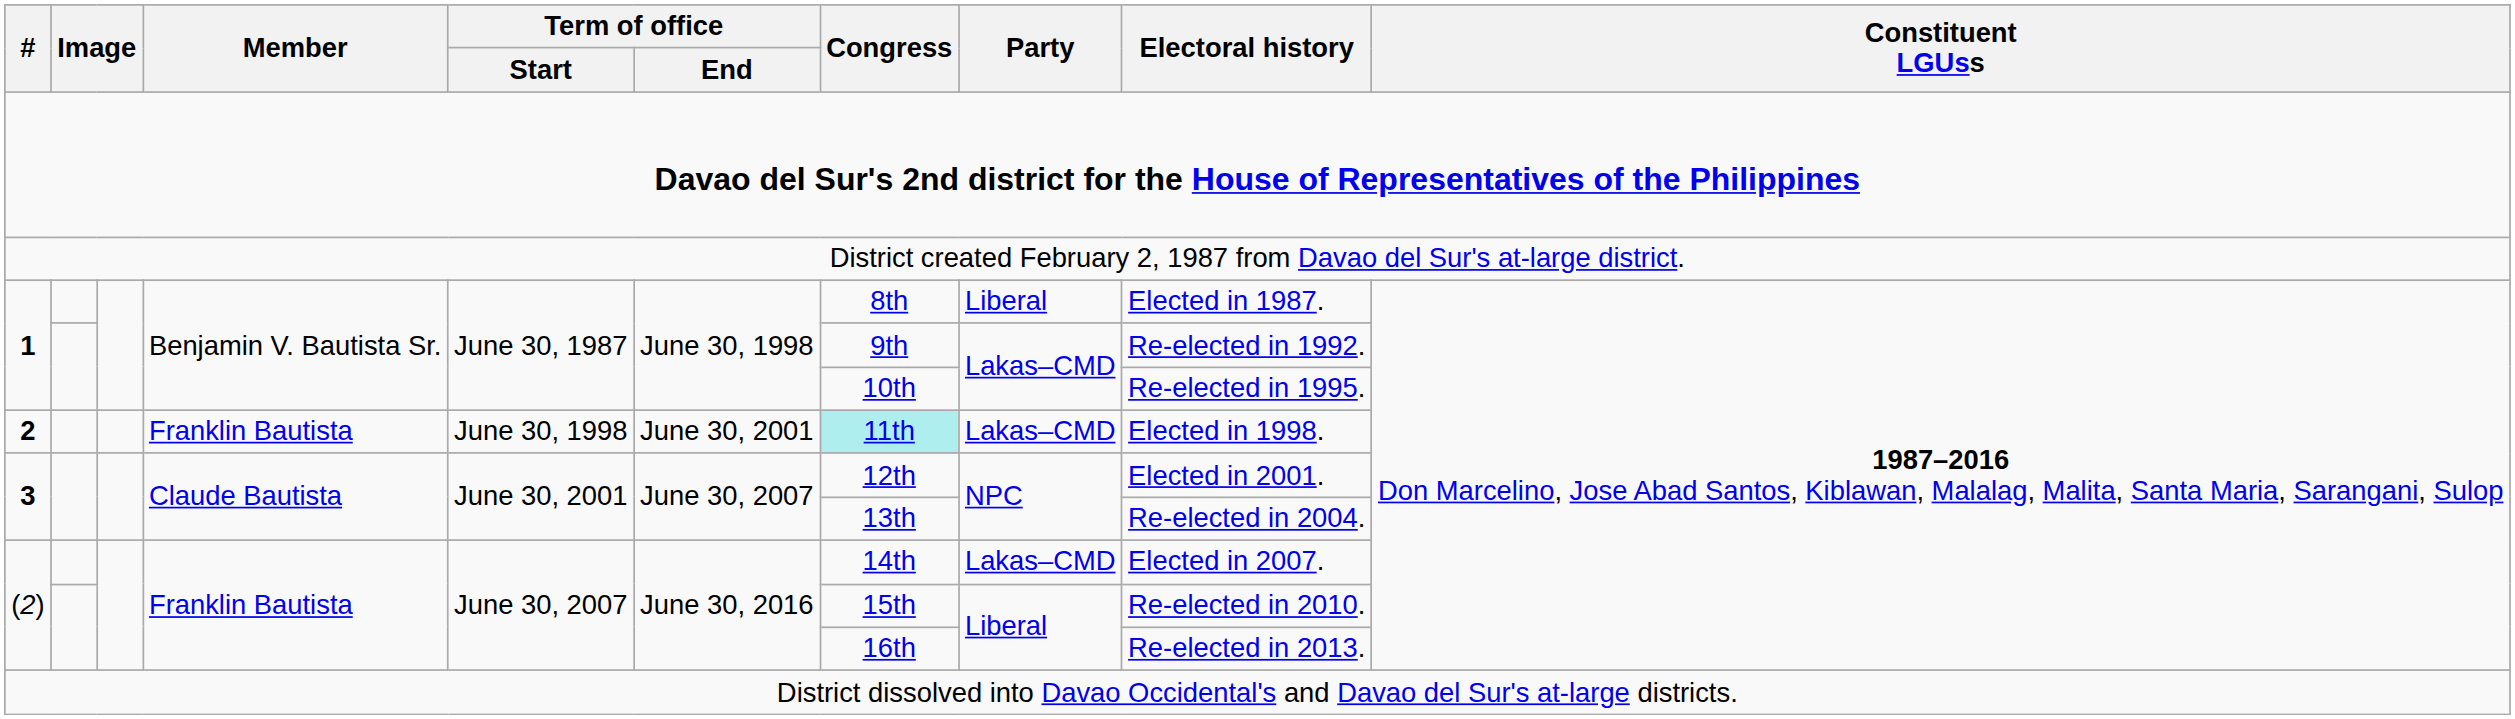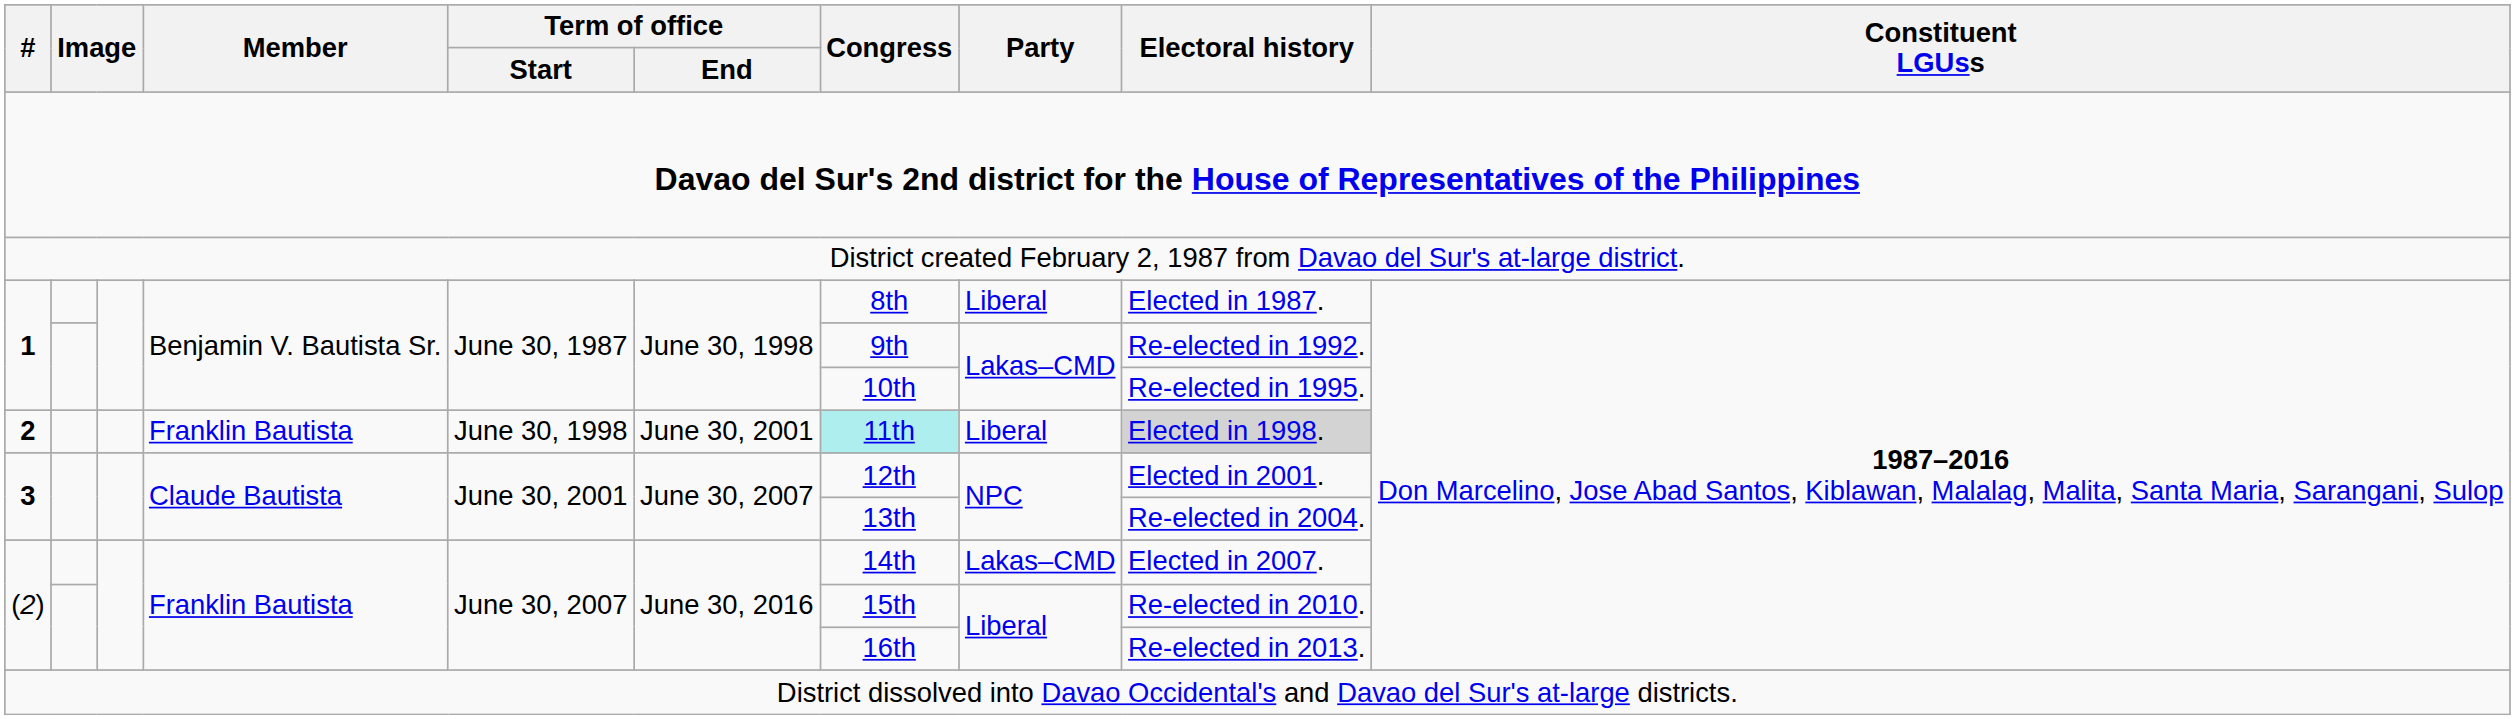 <table class=wikitable>
 <tr>
 <th rowspan="2">#</th>
 <th rowspan="2" colspan=2>Image</th>
 <th rowspan="2">Member</th>
 <th colspan=2>Term of office</th>
 <th rowspan="2">Congress</th>
 <th rowspan="2">Party</th>
 <th rowspan="2">Electoral history</th>
 <th rowspan="2">Constituent<br><a href='#'>LGUs</a>s</th>
 </tr>
 <tr>
 <th>Start</th>
 <th>End</th>
 </tr>
 <tr>
 <td colspan="10" style="text-align:center;"><br><h3>Davao del Sur's 2nd district for the <a href='#'>House of Representatives of the Philippines</a></h3></td>
 </tr>
 <tr>
 <td colspan="10" style="text-align:center;">District created February 2, 1987 from <a href='#'>Davao del Sur's at-large district</a>.</td>
 </tr>
 <tr>
 <td rowspan="3" style="text-align:center;"><strong>1</strong></td>
 <td style="color:inherit;background:"></td>
 <td rowspan="3"></td>
 <td rowspan="3">Benjamin V. Bautista Sr.</td>
 <td rowspan="3">June 30, 1987</td>
 <td rowspan="3">June 30, 1998</td>
 <td style="text-align:center;"><a href='#'>8th</a></td>
 <td><a href='#'>Liberal</a></td>
 <td><a href='#'>Elected in 1987</a>.</td>
 <td rowspan="9" style="text-align:center;"><strong>1987–2016</strong><br><a href='#'>Don Marcelino</a>, <a href='#'>Jose Abad Santos</a>, <a href='#'>Kiblawan</a>, <a href='#'>Malalag</a>, <a href='#'>Malita</a>, <a href='#'>Santa Maria</a>, <a href='#'>Sarangani</a>, <a href='#'>Sulop</a></td>
 </tr>
 <tr>
 <td rowspan="2" style="color:inherit;background:"></td>
 <td style="text-align:center;"><a href='#'>9th</a></td>
 <td rowspan="2"><a href='#'>Lakas–CMD</a></td>
 <td><a href='#'>Re-elected in 1992</a>.</td>
 </tr>
 <tr>
 <td style="text-align:center;"><a href='#'>10th</a></td>
 <td><a href='#'>Re-elected in 1995</a>.</td>
 </tr>
 <tr>
 <td style="text-align:center;"><strong>2</strong></td>
 <td style="color:inherit;background:"></td>
 <td></td>
 <td><a href='#'>Franklin Bautista</a></td>
 <td>June 30, 1998</td>
 <td>June 30, 2001</td>
 <td style="background: paleturquoise; text-align:center;"><a href='#'>11th</a></td>
-<td><a href='#'>Lakas–CMD</a></td>
-<td><a href='#'>Elected in 1998</a>.</td>
+<td><a href='#'>Liberal</a></td>
+<td style="background: lightgrey;"><a href='#'>Elected in 1998</a>.</td>
 </tr>
 <tr>
 <td rowspan="2" style="text-align:center;"><strong>3</strong></td>
 <td rowspan="2" style="color:inherit;background:"></td>
 <td rowspan="2"></td>
 <td rowspan="2"><a href='#'>Claude Bautista</a></td>
 <td rowspan="2">June 30, 2001</td>
 <td rowspan="2">June 30, 2007</td>
 <td style="text-align:center;"><a href='#'>12th</a></td>
 <td rowspan="2"><a href='#'>NPC</a></td>
 <td><a href='#'>Elected in 2001</a>.</td>
 </tr>
 <tr>
 <td style="text-align:center;"><a href='#'>13th</a></td>
 <td><a href='#'>Re-elected in 2004</a>.</td>
 </tr>
 <tr>
 <td rowspan="3" style="text-align:center;">(<em>2</em>)</td>
 <td style="color:inherit;background:"></td>
 <td rowspan="3"></td>
 <td rowspan="3"><a href='#'>Franklin Bautista</a></td>
 <td rowspan="3">June 30, 2007</td>
 <td rowspan="3">June 30, 2016</td>
 <td style="text-align:center;"><a href='#'>14th</a></td>
 <td><a href='#'>Lakas–CMD</a></td>
 <td><a href='#'>Elected in 2007</a>.</td>
 </tr>
 <tr>
 <td rowspan="2" style="color:inherit;background:"></td>
 <td style="text-align:center;"><a href='#'>15th</a></td>
 <td rowspan="2"><a href='#'>Liberal</a></td>
 <td><a href='#'>Re-elected in 2010</a>.</td>
 </tr>
 <tr>
 <td style="text-align:center;"><a href='#'>16th</a></td>
 <td><a href='#'>Re-elected in 2013</a>.</td>
 </tr>
 <tr>
 <td colspan="10" style="text-align:center;">District dissolved into <a href='#'>Davao Occidental's</a> and <a href='#'>Davao del Sur's at-large</a> districts.</td>
 </tr>
 </table>
